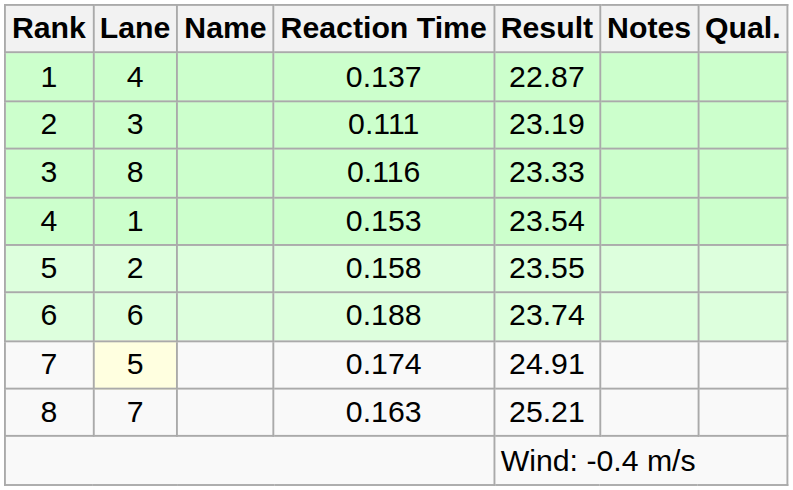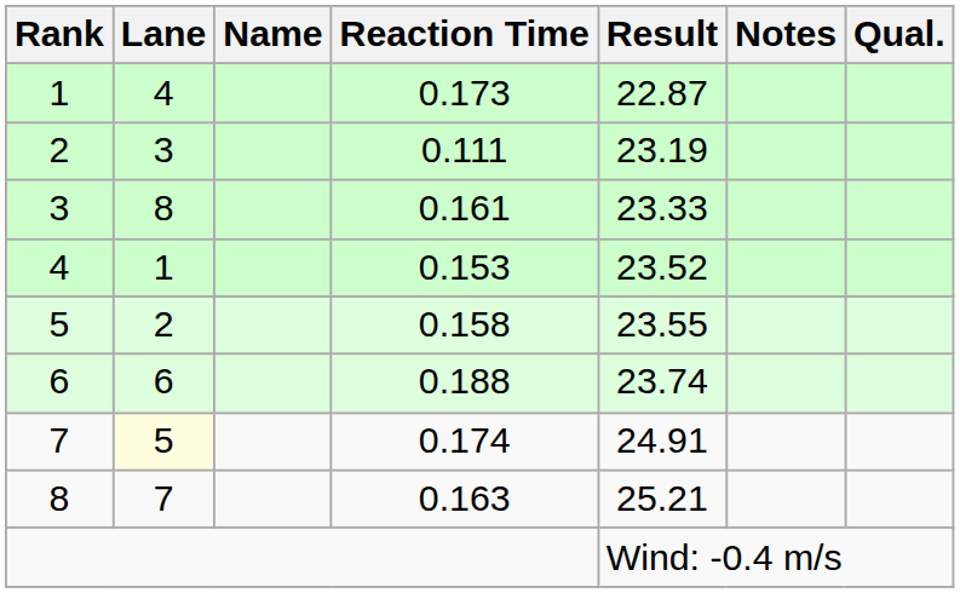 <table class="wikitable sortable" style="text-align:center">
 <tr>
 <th>Rank</th>
 <th>Lane</th>
 <th>Name</th>
 <th>Reaction Time</th>
 <th>Result</th>
 <th>Notes</th>
 <th>Qual.</th>
 </tr>
 <tr bgcolor=ccffcc>
 <td>1</td>
 <td>4</td>
 <td align="left"></td>
-<td>0.137</td>
+<td>0.173</td>
 <td>22.87</td>
 <td></td>
 <td></td>
 </tr>
 <tr bgcolor=ccffcc>
 <td>2</td>
 <td>3</td>
 <td align="left"></td>
 <td>0.111</td>
 <td>23.19</td>
 <td></td>
 <td></td>
 </tr>
 <tr bgcolor=ccffcc>
 <td>3</td>
 <td>8</td>
 <td align="left"></td>
-<td>0.116</td>
+<td>0.161</td>
 <td>23.33</td>
 <td></td>
 <td></td>
 </tr>
 <tr bgcolor=ccffcc>
 <td>4</td>
 <td>1</td>
 <td align="left"></td>
 <td>0.153</td>
-<td>23.54</td>
+<td>23.52</td>
 <td></td>
 <td></td>
 </tr>
 <tr bgcolor=ddffdd>
 <td>5</td>
 <td>2</td>
 <td align="left"></td>
 <td>0.158</td>
 <td>23.55</td>
 <td></td>
 <td></td>
 </tr>
 <tr bgcolor=ddffdd>
 <td>6</td>
 <td>6</td>
 <td align="left"></td>
 <td>0.188</td>
 <td>23.74</td>
 <td></td>
 <td></td>
 </tr>
 <tr>
 <td>7</td>
 <td style="background: lightyellow;">5</td>
 <td align="left"></td>
 <td>0.174</td>
 <td>24.91</td>
 <td></td>
 <td></td>
 </tr>
 <tr>
 <td>8</td>
 <td>7</td>
 <td align="left"></td>
 <td>0.163</td>
 <td>25.21</td>
 <td></td>
 <td></td>
 </tr>
 <tr class="sortbottom">
 <td colspan=4></td>
 <td colspan="3" style="text-align:left;">Wind: -0.4 m/s</td>
 </tr>
 </table>
